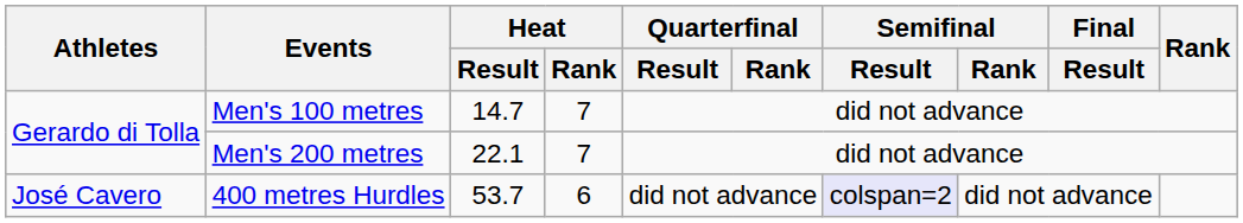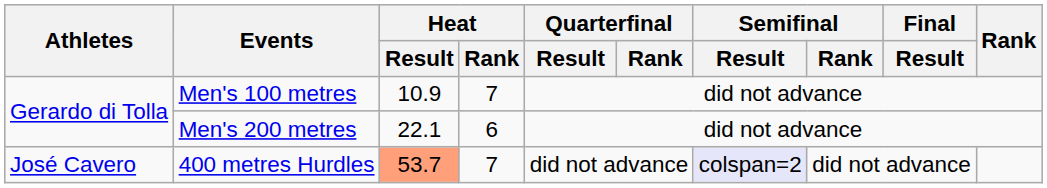 <table class=wikitable style="font-size:90%">
 <tr>
 <th rowspan="2">Athletes</th>
 <th rowspan="2">Events</th>
 <th colspan="2">Heat</th>
 <th colspan="2">Quarterfinal</th>
 <th colspan="2">Semifinal</th>
 <th>Final</th>
 <th rowspan="2">Rank</th>
 </tr>
 <tr>
 <th>Result</th>
 <th>Rank</th>
 <th>Result</th>
 <th>Rank</th>
 <th>Result</th>
 <th>Rank</th>
 <th>Result</th>
 </tr>
 <tr>
 <td rowspan=2><a href='#'>Gerardo di Tolla</a></td>
 <td><a href='#'>Men's 100 metres</a></td>
-<td align=center>14.7</td>
+<td align=center>10.9</td>
 <td align=center>7</td>
 <td align=center colspan=6>did not advance</td>
 </tr>
 <tr>
 <td><a href='#'>Men's 200 metres</a></td>
 <td align=center>22.1</td>
-<td align=center>7</td>
+<td align=center>6</td>
 <td align=center colspan=6>did not advance</td>
 </tr>
 <tr>
 <td><a href='#'>José Cavero</a></td>
 <td><a href='#'>400 metres Hurdles</a></td>
-<td align=center>53.7</td>
-<td align=center>6</td>
+<td align=center style="background: lightsalmon;">53.7</td>
+<td align=center>7</td>
 <td align=center colspan=2>did not advance</td>
 <td style="background: lavender;">colspan=2 </td>
 <td align=center colspan=2>did not advance</td>
 </tr>
 </table>
